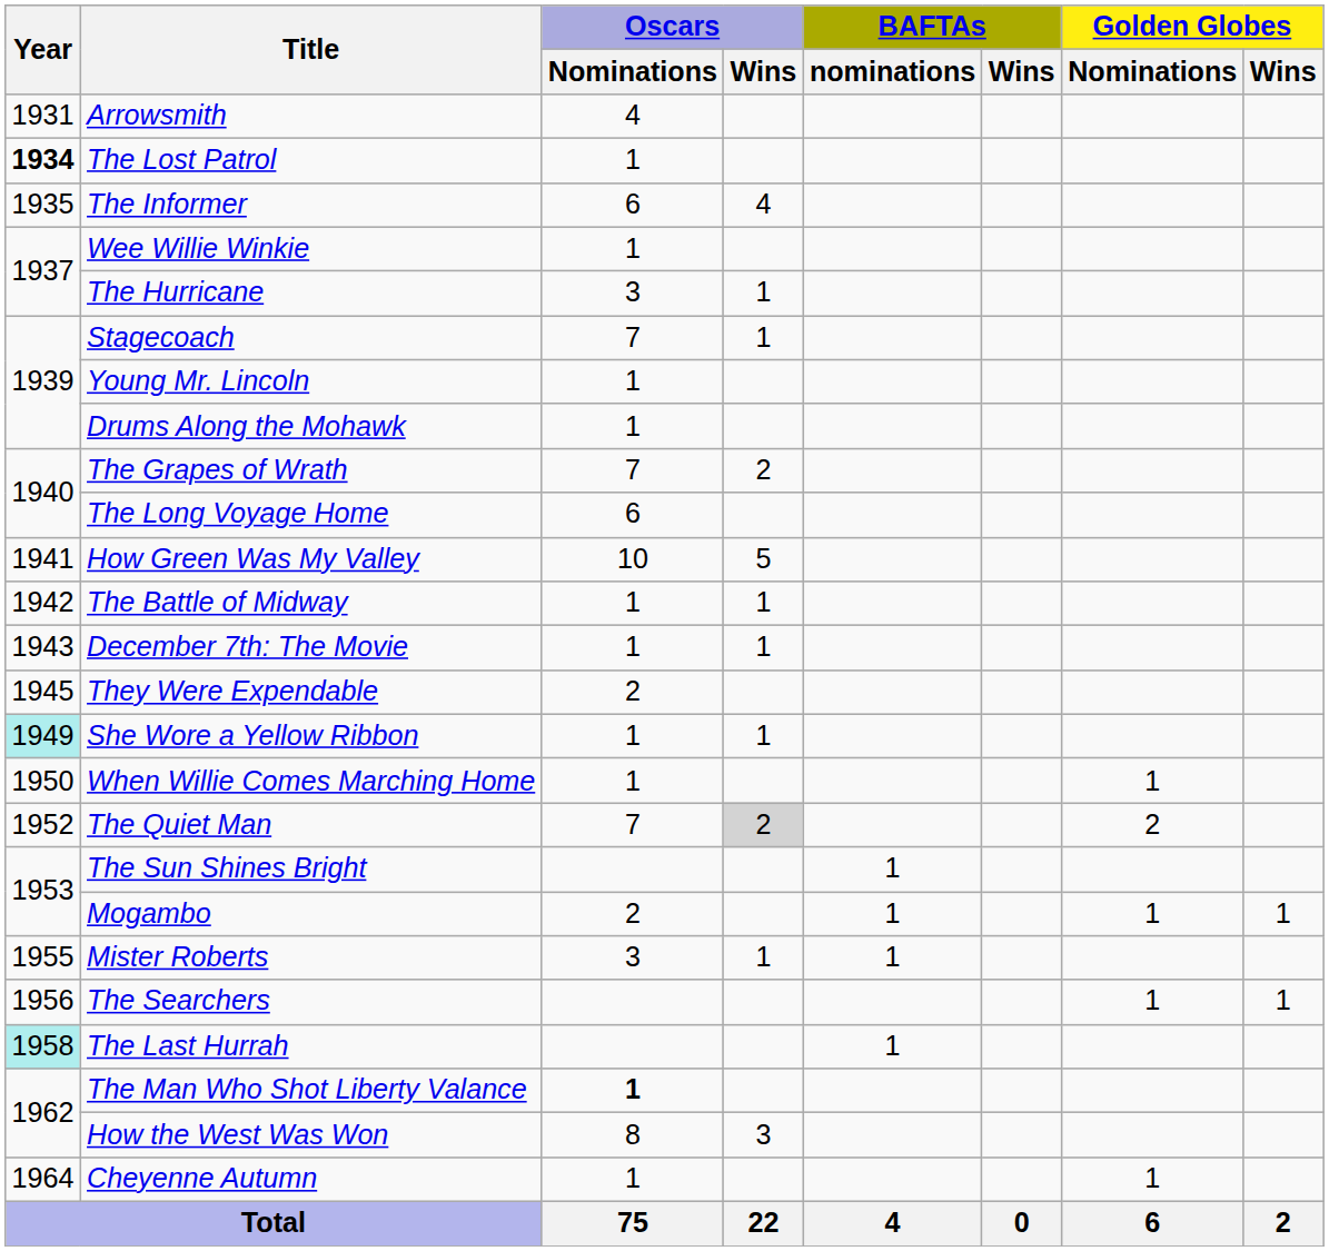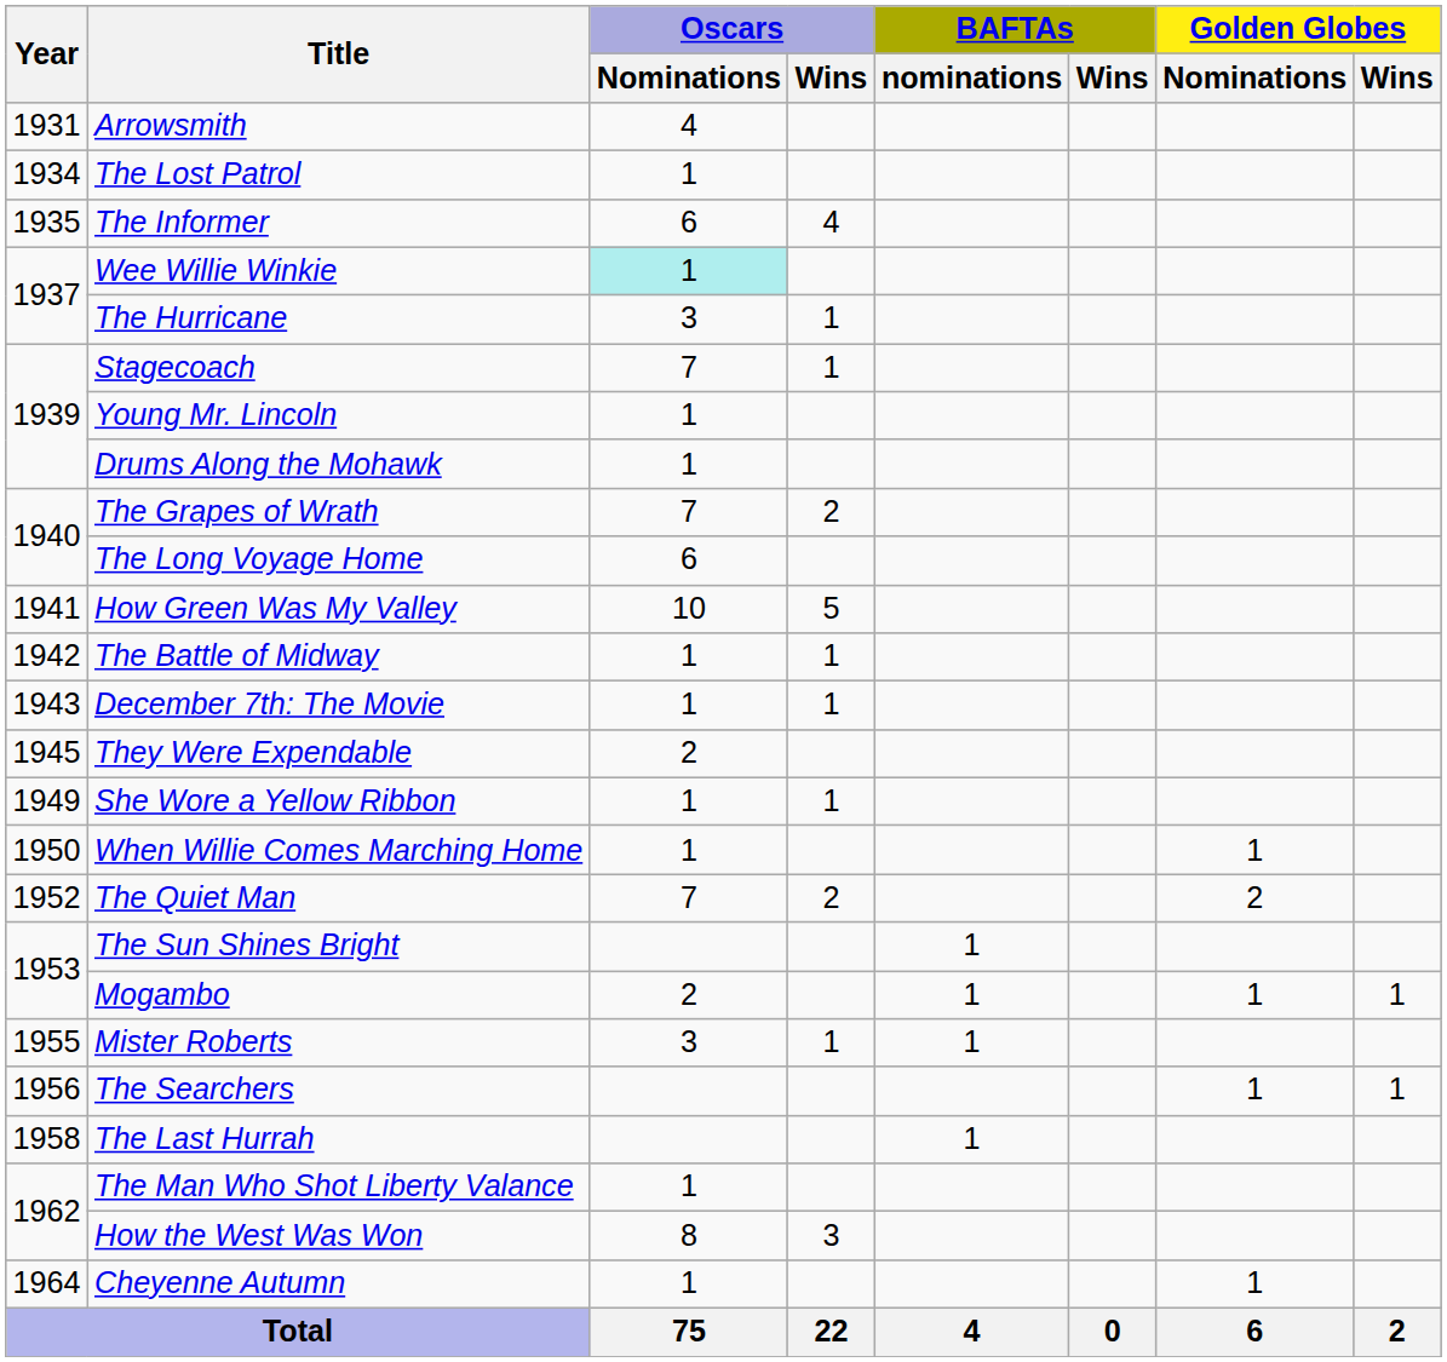 <table class="wikitable">
 <tr>
 <th rowspan="2">Year</th>
 <th rowspan="2">Title</th>
 <th colspan="2" style="background-color:#aaaade;"><a href='#'>Oscars</a></th>
 <th colspan="2" style="background-color:#aa0"><a href='#'>BAFTAs</a></th>
 <th colspan="2" style="background-color:#fe1"><a href='#'>Golden Globes</a></th>
 </tr>
 <tr>
 <th>Nominations</th>
 <th>Wins</th>
 <th>nominations</th>
 <th>Wins</th>
 <th>Nominations</th>
 <th>Wins</th>
 </tr>
 <tr>
 <td>1931</td>
 <td><em><a href='#'>Arrowsmith</a></em></td>
 <td align=center>4</td>
 <td></td>
 <td></td>
 <td></td>
 <td></td>
 <td></td>
 </tr>
 <tr>
-<td><strong>1934</strong></td>
+<td>1934</td>
 <td><em><a href='#'>The Lost Patrol</a></em></td>
 <td align=center>1</td>
 <td></td>
 <td></td>
 <td></td>
 <td></td>
 <td></td>
 </tr>
 <tr>
 <td>1935</td>
 <td><em><a href='#'>The Informer</a></em></td>
 <td align=center>6</td>
 <td align=center>4</td>
 <td></td>
 <td></td>
 <td></td>
 <td></td>
 </tr>
 <tr>
 <td rowspan="2">1937</td>
 <td><em><a href='#'>Wee Willie Winkie</a></em></td>
-<td align=center>1</td>
+<td align=center style="background: paleturquoise;">1</td>
 <td></td>
 <td></td>
 <td></td>
 <td></td>
 <td></td>
 </tr>
 <tr>
 <td><em><a href='#'>The Hurricane</a></em></td>
 <td align=center>3</td>
 <td align=center>1</td>
 <td></td>
 <td></td>
 <td></td>
 <td></td>
 </tr>
 <tr>
 <td rowspan="3">1939</td>
 <td><em><a href='#'>Stagecoach</a></em></td>
 <td align=center>7</td>
 <td align=center>1</td>
 <td></td>
 <td></td>
 <td></td>
 <td></td>
 </tr>
 <tr>
 <td><em><a href='#'>Young Mr. Lincoln</a></em></td>
 <td align=center>1</td>
 <td></td>
 <td></td>
 <td></td>
 <td></td>
 <td></td>
 </tr>
 <tr>
 <td><em><a href='#'>Drums Along the Mohawk</a></em></td>
 <td align=center>1</td>
 <td></td>
 <td></td>
 <td></td>
 <td></td>
 <td></td>
 </tr>
 <tr>
 <td rowspan="2">1940</td>
 <td><em><a href='#'>The Grapes of Wrath</a></em></td>
 <td align=center>7</td>
 <td align=center>2</td>
 <td></td>
 <td></td>
 <td></td>
 <td></td>
 </tr>
 <tr>
 <td><em><a href='#'>The Long Voyage Home</a></em></td>
 <td align=center>6</td>
 <td></td>
 <td></td>
 <td></td>
 <td></td>
 <td></td>
 </tr>
 <tr>
 <td>1941</td>
 <td><em><a href='#'>How Green Was My Valley</a></em></td>
 <td align=center>10</td>
 <td align=center>5</td>
 <td></td>
 <td></td>
 <td></td>
 <td></td>
 </tr>
 <tr>
 <td>1942</td>
 <td><em><a href='#'>The Battle of Midway</a></em></td>
 <td align=center>1</td>
 <td align=center>1</td>
 <td></td>
 <td></td>
 <td></td>
 <td></td>
 </tr>
 <tr>
 <td>1943</td>
 <td><em><a href='#'>December 7th: The Movie</a></em></td>
 <td align=center>1</td>
 <td align=center>1</td>
 <td></td>
 <td></td>
 <td></td>
 <td></td>
 </tr>
 <tr>
 <td>1945</td>
 <td><em><a href='#'>They Were Expendable</a></em></td>
 <td align=center>2</td>
 <td></td>
 <td></td>
 <td></td>
 <td></td>
 <td></td>
 </tr>
 <tr>
-<td style="background: paleturquoise;">1949</td>
+<td>1949</td>
 <td><em><a href='#'>She Wore a Yellow Ribbon</a></em></td>
 <td align=center>1</td>
 <td align=center>1</td>
 <td></td>
 <td></td>
 <td></td>
 <td></td>
 </tr>
 <tr>
 <td>1950</td>
 <td><em><a href='#'>When Willie Comes Marching Home</a></em></td>
 <td align=center>1</td>
 <td></td>
 <td></td>
 <td></td>
 <td align=center>1</td>
 <td></td>
 </tr>
 <tr>
 <td>1952</td>
 <td><em><a href='#'>The Quiet Man</a></em></td>
 <td align=center>7</td>
-<td align=center style="background: lightgrey;">2</td>
+<td align=center>2</td>
 <td></td>
 <td></td>
 <td align=center>2</td>
 <td></td>
 </tr>
 <tr>
 <td rowspan="2">1953</td>
 <td><em><a href='#'>The Sun Shines Bright</a></em></td>
 <td></td>
 <td></td>
 <td align=center>1</td>
 <td></td>
 <td></td>
 <td></td>
 </tr>
 <tr>
 <td><em><a href='#'>Mogambo</a></em></td>
 <td align=center>2</td>
 <td></td>
 <td align=center>1</td>
 <td></td>
 <td align=center>1</td>
 <td align=center>1</td>
 </tr>
 <tr>
 <td>1955</td>
 <td><em><a href='#'>Mister Roberts</a></em></td>
 <td align=center>3</td>
 <td align=center>1</td>
 <td align=center>1</td>
 <td></td>
 <td></td>
 <td></td>
 </tr>
 <tr>
 <td>1956</td>
 <td><em><a href='#'>The Searchers</a></em></td>
 <td></td>
 <td></td>
 <td></td>
 <td></td>
 <td align=center>1</td>
 <td align=center>1</td>
 </tr>
 <tr>
-<td style="background: paleturquoise;">1958</td>
+<td>1958</td>
 <td><em><a href='#'>The Last Hurrah</a></em></td>
 <td></td>
 <td></td>
 <td align=center>1</td>
 <td></td>
 <td></td>
 <td></td>
 </tr>
 <tr>
 <td rowspan="2">1962</td>
 <td><em><a href='#'>The Man Who Shot Liberty Valance</a></em></td>
-<td align=center><strong>1</strong></td>
+<td align=center>1</td>
 <td></td>
 <td></td>
 <td></td>
 <td></td>
 <td></td>
 </tr>
 <tr>
 <td><em><a href='#'>How the West Was Won</a></em></td>
 <td align=center>8</td>
 <td align=center>3</td>
 <td></td>
 <td></td>
 <td></td>
 <td></td>
 </tr>
 <tr>
 <td>1964</td>
 <td><em><a href='#'>Cheyenne Autumn</a></em></td>
 <td align=center>1</td>
 <td></td>
 <td></td>
 <td></td>
 <td align=center>1</td>
 <td></td>
 </tr>
 <tr>
 <th colspan="2" style="background-color:#b3b5ec">Total</th>
 <th>75</th>
 <th>22</th>
 <th>4</th>
 <th>0</th>
 <th>6</th>
 <th>2</th>
 </tr>
 <tr>
 </tr>
 </table>
